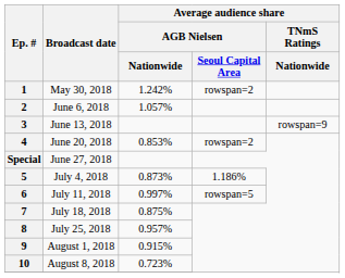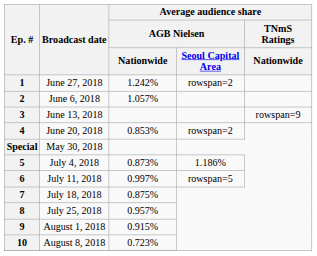 <table class=wikitable style=text-align:center>
 <tr>
 <th rowspan=3>Ep. #</th>
 <th rowspan=3>Broadcast date</th>
 <th colspan=3>Average audience share</th>
 </tr>
 <tr>
 <th colspan=2>AGB Nielsen</th>
 <th>TNmS Ratings</th>
 </tr>
 <tr>
 <th width=100>Nationwide</th>
 <th width=100><a href='#'>Seoul Capital Area</a></th>
 <th width=100>Nationwide</th>
 </tr>
 <tr>
 <th>1</th>
-<td>May 30, 2018</td>
+<td>June 27, 2018</td>
 <td>1.242%</td>
 <td>rowspan=2 </td>
 <td></td>
 </tr>
 <tr>
 <th>2</th>
 <td>June 6, 2018</td>
 <td>1.057%</td>
 <td></td>
 </tr>
 <tr>
 <th>3</th>
 <td>June 13, 2018</td>
 <td></td>
 <td></td>
 <td>rowspan=9 </td>
 </tr>
 <tr>
 <th>4</th>
 <td>June 20, 2018</td>
 <td>0.853%</td>
 <td>rowspan=2 </td>
 </tr>
 <tr>
 <th>Special</th>
-<td>June 27, 2018</td>
+<td>May 30, 2018</td>
 <td></td>
 </tr>
 <tr>
 <th>5</th>
 <td>July 4, 2018</td>
 <td>0.873%</td>
 <td>1.186%</td>
 </tr>
 <tr>
 <th>6</th>
 <td>July 11, 2018</td>
 <td>0.997%</td>
 <td>rowspan=5 </td>
 </tr>
 <tr>
 <th>7</th>
 <td>July 18, 2018</td>
 <td>0.875%</td>
 </tr>
 <tr>
 <th>8</th>
 <td>July 25, 2018</td>
 <td>0.957%</td>
 </tr>
 <tr>
 <th>9</th>
 <td>August 1, 2018</td>
 <td>0.915%</td>
 </tr>
 <tr>
 <th>10</th>
 <td>August 8, 2018</td>
 <td>0.723%</td>
 </tr>
 <tr>
 </tr>
 </table>
